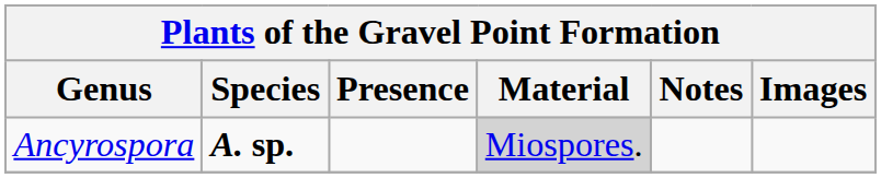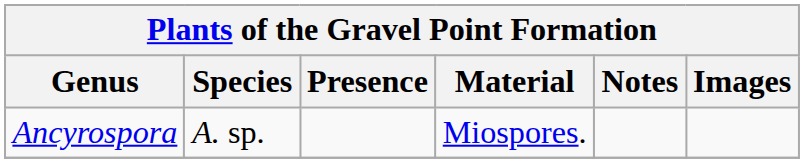 <table class="wikitable" align="center">
 <tr>
 <th colspan="6" align="center"><strong><a href='#'>Plants</a> of the Gravel Point Formation</strong></th>
 </tr>
 <tr>
 <th>Genus</th>
 <th>Species</th>
 <th>Presence</th>
 <th><strong>Material</strong></th>
 <th>Notes</th>
 <th>Images</th>
 </tr>
 <tr>
 <td><em><a href='#'>Ancyrospora</a></em></td>
-<td><strong><em>A.</em> sp.</strong></td>
+<td><em>A.</em> sp.</td>
 <td></td>
-<td style="background: lightgrey;"><a href='#'>Miospores</a>.</td>
+<td><a href='#'>Miospores</a>.</td>
 <td></td>
 <td></td>
 </tr>
 <tr>
 </tr>
 </table>
